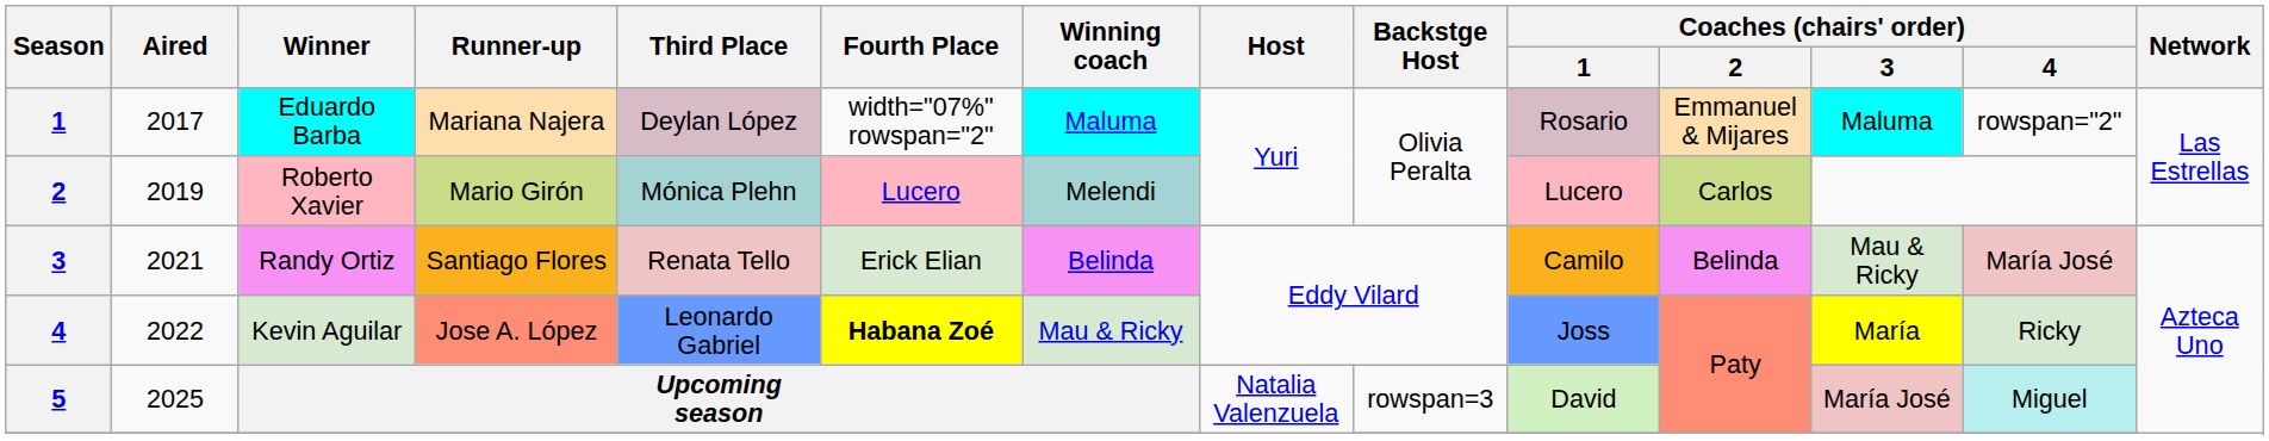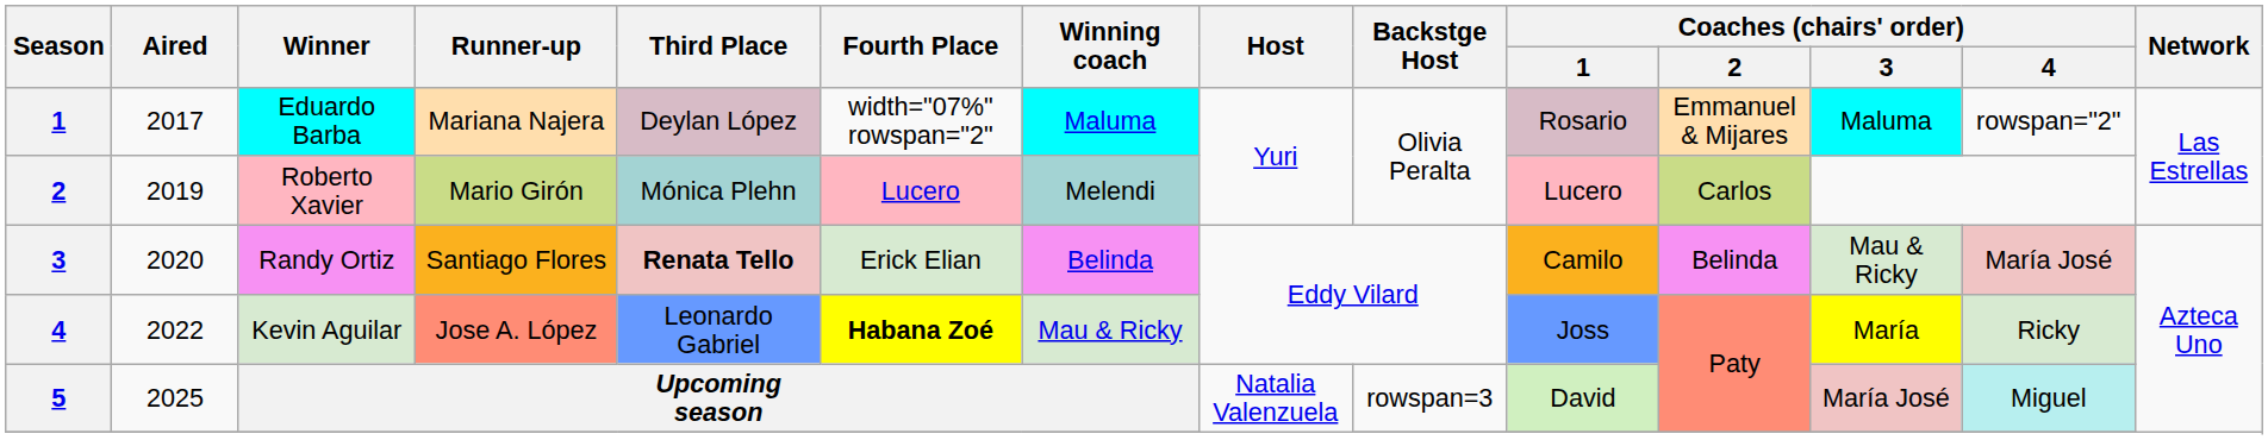 <table class="wikitable" style="text-align:center; font-size:90%; line-height:16px; width:100%">
 <tr>
 <th rowspan="2" scope="col" style="width:01%">Season</th>
 <th rowspan="2" scope="col" style="width:05%">Aired</th>
 <th rowspan="2" scope="col" style="width:07%">Winner</th>
 <th rowspan="2" scope="col" style="width:08%">Runner-up</th>
 <th rowspan="2" scope="col" style="width:08%">Third Place</th>
 <th rowspan="2" scope="col" style="width:08%">Fourth Place</th>
 <th rowspan="2" scope="col" style="width:07%">Winning coach</th>
 <th rowspan="2" scope="col" style="width:06%">Host</th>
 <th rowspan="2" scope="col" style="width:06%">Backstge Host</th>
 <th colspan="4" scope="col">Coaches (chairs' order)</th>
 <th rowspan="2" scope="col" style="width:05%">Network</th>
 </tr>
 <tr>
 <th width="6%">1</th>
 <th width="6%">2</th>
 <th width="6%">3</th>
 <th width="6%">4</th>
 </tr>
 <tr>
 <th><a href='#'>1</a></th>
 <td>2017</td>
 <td style="background:#00FFFF">Eduardo Barba</td>
 <td style="background:#FFDEAD; width:07%">Mariana Najera</td>
 <td style="background:#d7bbc6; width:07%">Deylan López</td>
 <td>width="07%" rowspan="2" </td>
 <td bgcolor="#00FFFF"><a href='#'>Maluma</a></td>
 <td rowspan="2"><a href='#'>Yuri</a></td>
 <td rowspan="2">Olivia Peralta</td>
 <td style="background:#d7bbc6">Rosario</td>
 <td style="background:#FFDEAD">Emmanuel & Mijares</td>
 <td style="background:#00FFFF">Maluma</td>
 <td>rowspan="2" </td>
 <td rowspan="2"><a href='#'>Las Estrellas</a></td>
 </tr>
 <tr>
 <th><a href='#'>2</a></th>
 <td>2019</td>
 <td style="background:lightpink">Roberto Xavier</td>
 <td style="background:#C9DC87">Mario Girón</td>
 <td style="background:#a3d3d3">Mónica Plehn</td>
 <td style="background:lightpink"><a href='#'>Lucero</a></td>
 <td style="background:#a3d3d3">Melendi</td>
 <td style="background:lightpink">Lucero</td>
 <td style="background:#C9DC87">Carlos</td>
 </tr>
 <tr>
 <th><a href='#'>3</a></th>
-<td>2021</td>
+<td>2020</td>
 <td style="background:#f791f3">Randy Ortiz</td>
 <td style="background:#fbb11e">Santiago Flores</td>
-<td style="background:#f0c4c4">Renata Tello</td>
+<td style="background:#f0c4c4"><strong>Renata Tello</strong></td>
 <td style="background:#d7ead1">Erick Elian</td>
 <td style="background:#f791f3"><a href='#'>Belinda</a></td>
 <td colspan="2" rowspan="2"><a href='#'>Eddy Vilard</a></td>
 <td style="background:#fbb11e">Camilo</td>
 <td style="background:#f791f3">Belinda</td>
 <td style="background:#d7ead1">Mau & Ricky</td>
 <td style="background:#f0c4c4">María José</td>
 <td rowspan="4"><a href='#'>Azteca Uno</a></td>
 </tr>
 <tr>
 <th><a href='#'>4</a></th>
 <td>2022</td>
 <td style="background:#d7ead1">Kevin Aguilar</td>
 <td style="background:#ff8c75">Jose A. López</td>
 <td style="background:#6699FF">Leonardo Gabriel</td>
 <td style="background: yellow"><strong>Habana Zoé</strong></td>
 <td style="background:#d7ead1"><a href='#'>Mau & Ricky</a></td>
 <td style="background:#6699FF">Joss</td>
 <td rowspan=2 style="background:#ff8c75">Paty</td>
 <td style="background: yellow">María</td>
 <td style="background:#d7ead1"> Ricky</td>
 </tr>
 <tr>
 <th><a href='#'>5</a></th>
 <td>2025</td>
 <th colspan="5"><em>Upcoming<br>season</em></th>
 <td rowspan="7"><a href='#'>Natalia Valenzuela</a></td>
 <td>rowspan=3 </td>
 <td style="background:#d0f0c0">David</td>
 <td style="background:#f0c4c4">María José</td>
 <td style="background:#b7efef">Miguel</td>
 </tr>
 <tr>
 </tr>
 </table>
